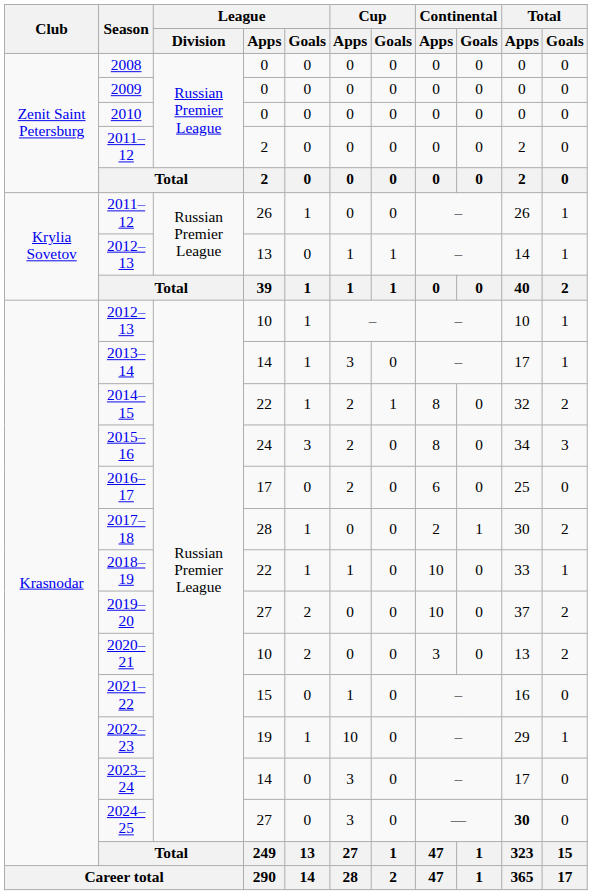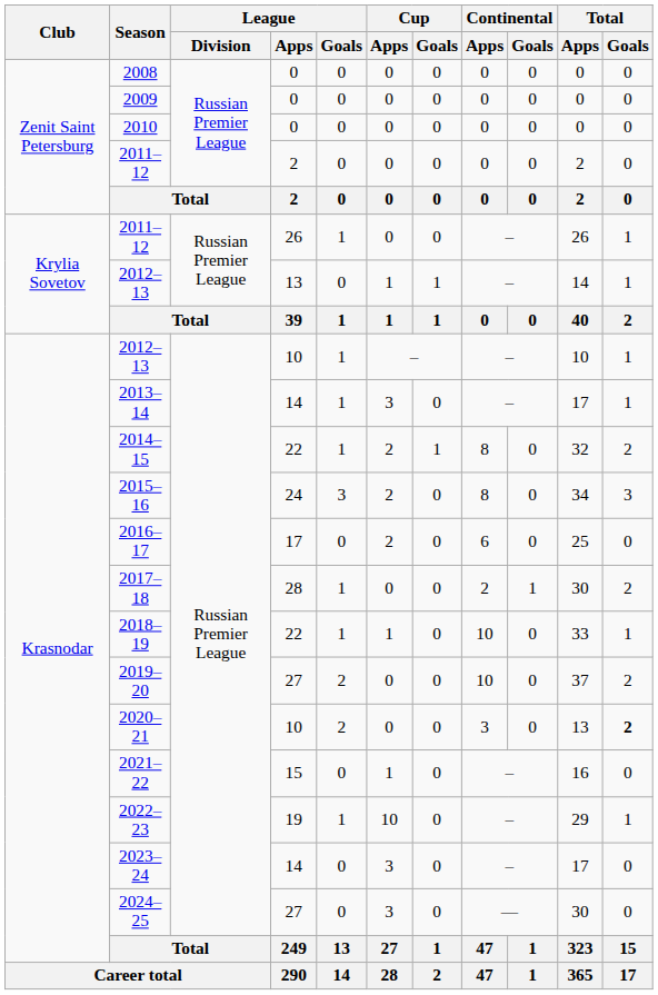 <table class="wikitable" style="text-align: center;">
 <tr>
 <th rowspan=2>Club</th>
 <th rowspan=2>Season</th>
 <th colspan=3>League</th>
 <th colspan=2>Cup</th>
 <th colspan=2>Continental</th>
 <th colspan=2>Total</th>
 </tr>
 <tr>
 <th>Division</th>
 <th>Apps</th>
 <th>Goals</th>
 <th>Apps</th>
 <th>Goals</th>
 <th>Apps</th>
 <th>Goals</th>
 <th>Apps</th>
 <th>Goals</th>
 </tr>
 <tr>
 <td rowspan=5><a href='#'>Zenit Saint Petersburg</a></td>
 <td><a href='#'>2008</a></td>
 <td rowspan=4><a href='#'>Russian Premier League</a></td>
 <td>0</td>
 <td>0</td>
 <td>0</td>
 <td>0</td>
 <td>0</td>
 <td>0</td>
 <td>0</td>
 <td>0</td>
 </tr>
 <tr>
 <td><a href='#'>2009</a></td>
 <td>0</td>
 <td>0</td>
 <td>0</td>
 <td>0</td>
 <td>0</td>
 <td>0</td>
 <td>0</td>
 <td>0</td>
 </tr>
 <tr>
 <td><a href='#'>2010</a></td>
 <td>0</td>
 <td>0</td>
 <td>0</td>
 <td>0</td>
 <td>0</td>
 <td>0</td>
 <td>0</td>
 <td>0</td>
 </tr>
 <tr>
 <td><a href='#'>2011–12</a></td>
 <td>2</td>
 <td>0</td>
 <td>0</td>
 <td>0</td>
 <td>0</td>
 <td>0</td>
 <td>2</td>
 <td>0</td>
 </tr>
 <tr>
 <th colspan=2>Total</th>
 <th>2</th>
 <th>0</th>
 <th>0</th>
 <th>0</th>
 <th>0</th>
 <th>0</th>
 <th>2</th>
 <th>0</th>
 </tr>
 <tr>
 <td rowspan=3><a href='#'>Krylia Sovetov</a></td>
 <td><a href='#'>2011–12</a></td>
 <td rowspan=2>Russian Premier League</td>
 <td>26</td>
 <td>1</td>
 <td>0</td>
 <td>0</td>
 <td colspan=2>–</td>
 <td>26</td>
 <td>1</td>
 </tr>
 <tr>
 <td><a href='#'>2012–13</a></td>
 <td>13</td>
 <td>0</td>
 <td>1</td>
 <td>1</td>
 <td colspan=2>–</td>
 <td>14</td>
 <td>1</td>
 </tr>
 <tr>
 <th colspan=2>Total</th>
 <th>39</th>
 <th>1</th>
 <th>1</th>
 <th>1</th>
 <th>0</th>
 <th>0</th>
 <th>40</th>
 <th>2</th>
 </tr>
 <tr>
 <td rowspan=14><a href='#'>Krasnodar</a></td>
 <td><a href='#'>2012–13</a></td>
 <td rowspan=13>Russian Premier League</td>
 <td>10</td>
 <td>1</td>
 <td colspan=2>–</td>
 <td colspan=2>–</td>
 <td>10</td>
 <td>1</td>
 </tr>
 <tr>
 <td><a href='#'>2013–14</a></td>
 <td>14</td>
 <td>1</td>
 <td>3</td>
 <td>0</td>
 <td colspan=2>–</td>
 <td>17</td>
 <td>1</td>
 </tr>
 <tr>
 <td><a href='#'>2014–15</a></td>
 <td>22</td>
 <td>1</td>
 <td>2</td>
 <td>1</td>
 <td>8</td>
 <td>0</td>
 <td>32</td>
 <td>2</td>
 </tr>
 <tr>
 <td><a href='#'>2015–16</a></td>
 <td>24</td>
 <td>3</td>
 <td>2</td>
 <td>0</td>
 <td>8</td>
 <td>0</td>
 <td>34</td>
 <td>3</td>
 </tr>
 <tr>
 <td><a href='#'>2016–17</a></td>
 <td>17</td>
 <td>0</td>
 <td>2</td>
 <td>0</td>
 <td>6</td>
 <td>0</td>
 <td>25</td>
 <td>0</td>
 </tr>
 <tr>
 <td><a href='#'>2017–18</a></td>
 <td>28</td>
 <td>1</td>
 <td>0</td>
 <td>0</td>
 <td>2</td>
 <td>1</td>
 <td>30</td>
 <td>2</td>
 </tr>
 <tr>
 <td><a href='#'>2018–19</a></td>
 <td>22</td>
 <td>1</td>
 <td>1</td>
 <td>0</td>
 <td>10</td>
 <td>0</td>
 <td>33</td>
 <td>1</td>
 </tr>
 <tr>
 <td><a href='#'>2019–20</a></td>
 <td>27</td>
 <td>2</td>
 <td>0</td>
 <td>0</td>
 <td>10</td>
 <td>0</td>
 <td>37</td>
 <td>2</td>
 </tr>
 <tr>
 <td><a href='#'>2020–21</a></td>
 <td>10</td>
 <td>2</td>
 <td>0</td>
 <td>0</td>
 <td>3</td>
 <td>0</td>
 <td>13</td>
-<td>2</td>
+<td><strong>2</strong></td>
 </tr>
 <tr>
 <td><a href='#'>2021–22</a></td>
 <td>15</td>
 <td>0</td>
 <td>1</td>
 <td>0</td>
 <td colspan=2>–</td>
 <td>16</td>
 <td>0</td>
 </tr>
 <tr>
 <td><a href='#'>2022–23</a></td>
 <td>19</td>
 <td>1</td>
 <td>10</td>
 <td>0</td>
 <td colspan=2>–</td>
 <td>29</td>
 <td>1</td>
 </tr>
 <tr>
 <td><a href='#'>2023–24</a></td>
 <td>14</td>
 <td>0</td>
 <td>3</td>
 <td>0</td>
 <td colspan=2>–</td>
 <td>17</td>
 <td>0</td>
 </tr>
 <tr>
 <td><a href='#'>2024–25</a></td>
 <td>27</td>
 <td>0</td>
 <td>3</td>
 <td>0</td>
 <td colspan="2">—</td>
-<td><strong>30</strong></td>
+<td>30</td>
 <td>0</td>
 </tr>
 <tr>
 <th colspan="2">Total</th>
 <th>249</th>
 <th>13</th>
 <th>27</th>
 <th>1</th>
 <th>47</th>
 <th>1</th>
 <th>323</th>
 <th>15</th>
 </tr>
 <tr>
 <th colspan="3">Career total</th>
 <th>290</th>
 <th>14</th>
 <th>28</th>
 <th>2</th>
 <th>47</th>
 <th>1</th>
 <th>365</th>
 <th>17</th>
 </tr>
 </table>
